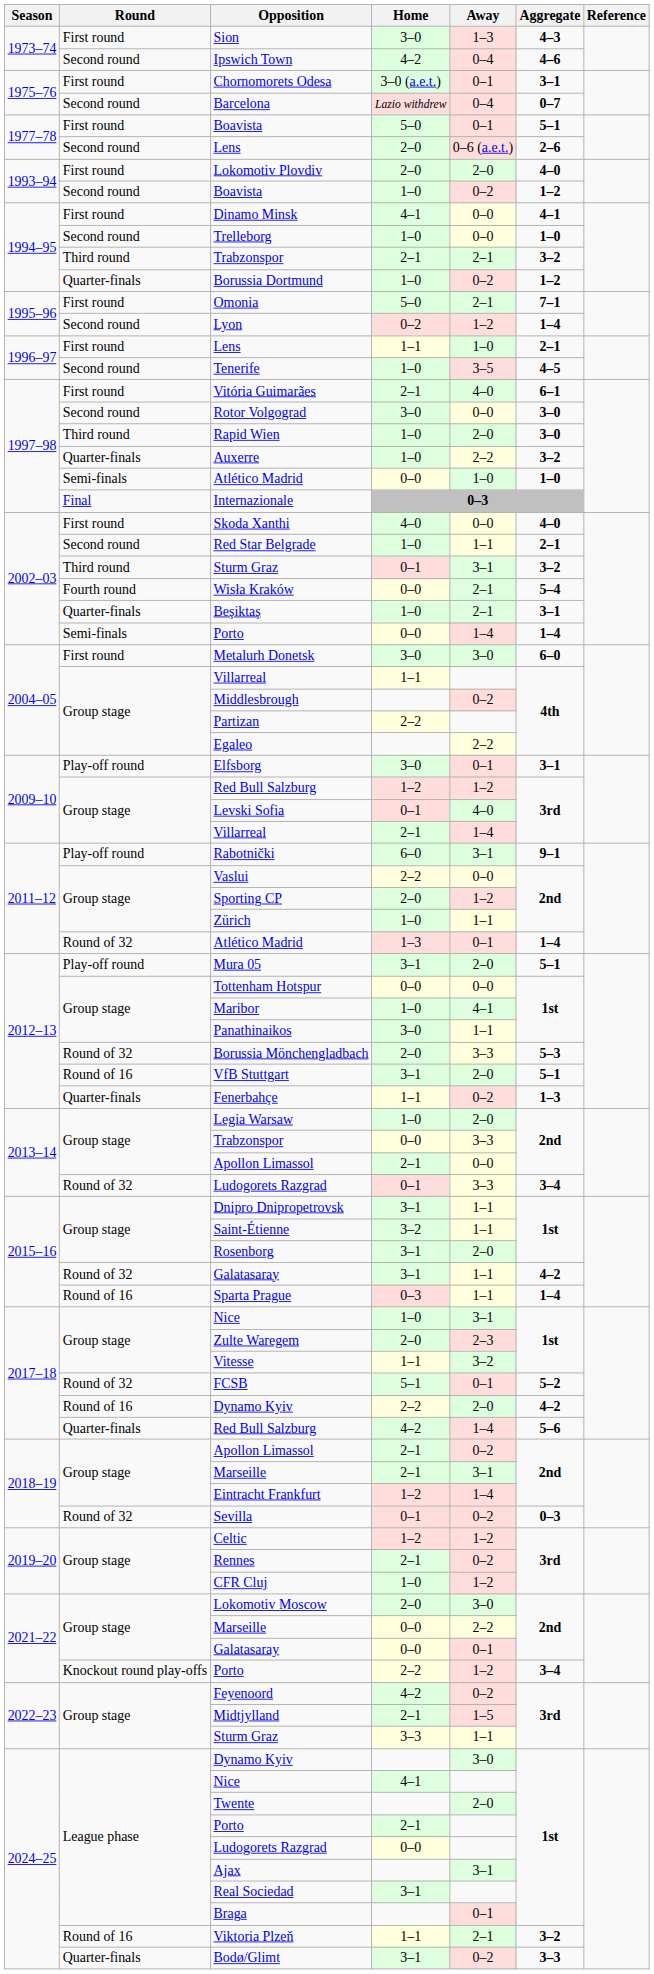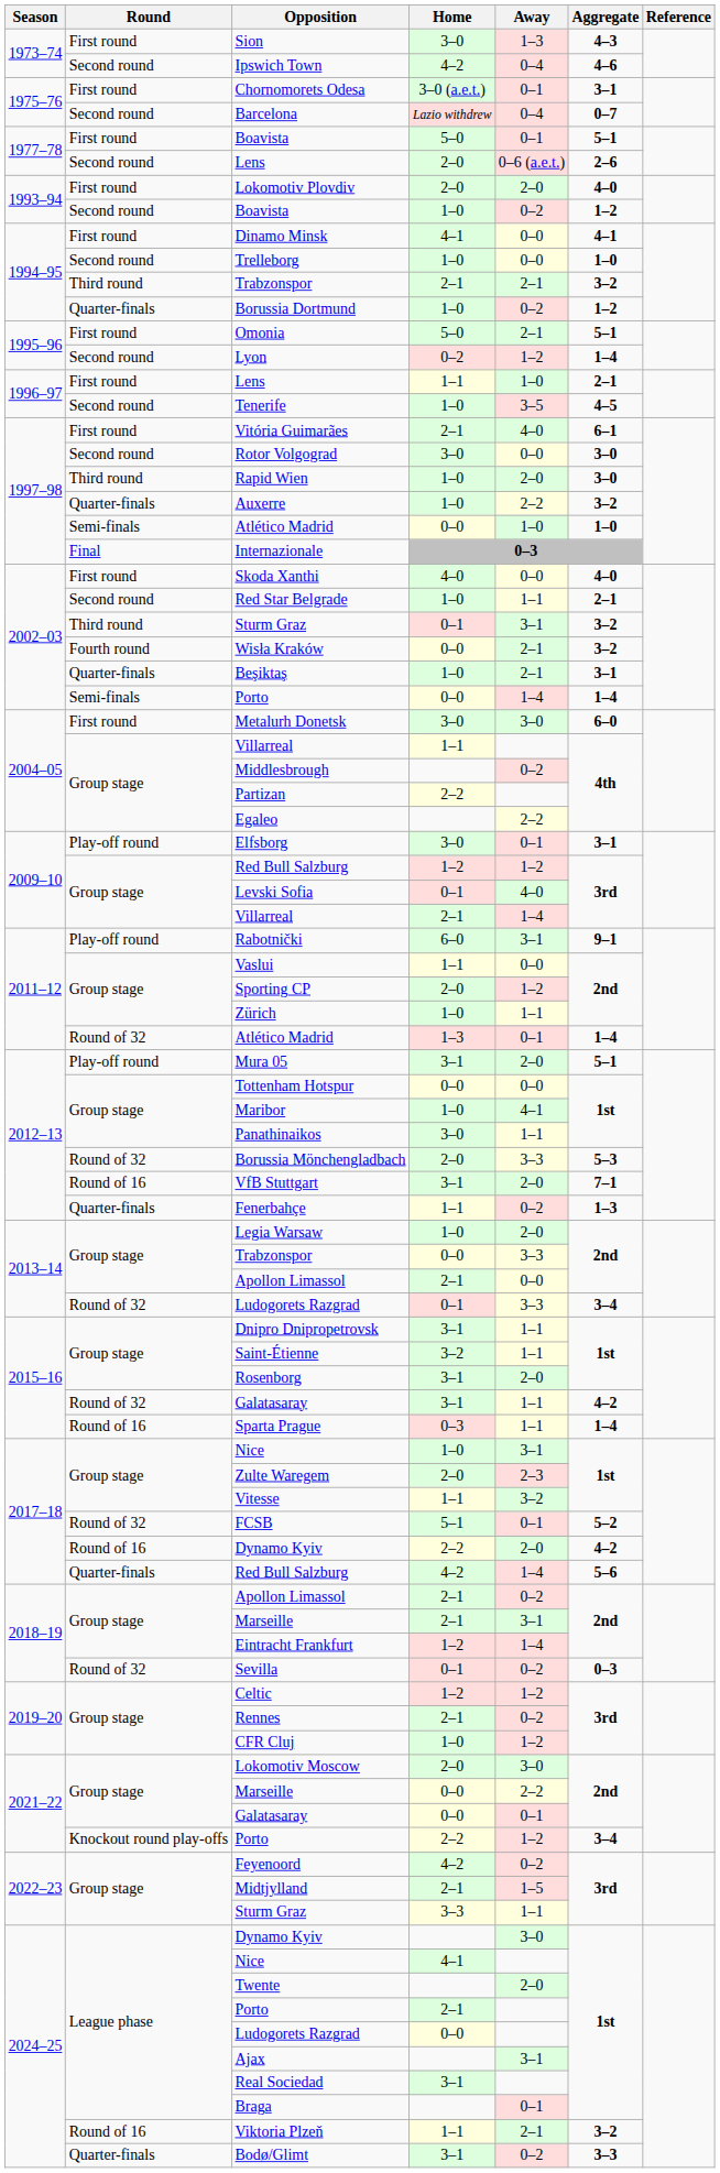 <table class="wikitable">
 <tr>
 <th>Season</th>
 <th>Round</th>
 <th>Opposition</th>
 <th>Home</th>
 <th>Away</th>
 <th>Aggregate</th>
 <th>Reference</th>
 </tr>
 <tr>
 <td rowspan=2><a href='#'>1973–74</a></td>
 <td>First round</td>
 <td> <a href='#'>Sion</a></td>
 <td style="text-align:center; background:#dfd;">3–0</td>
 <td style="text-align:center; background:#fdd;">1–3</td>
 <td style="text-align:center;"><strong>4–3</strong></td>
 <td rowspan=2 style="text-align:center;"></td>
 </tr>
 <tr>
 <td>Second round</td>
 <td> <a href='#'>Ipswich Town</a></td>
 <td style="text-align:center; background:#dfd;">4–2</td>
 <td style="text-align:center; background:#fdd;">0–4</td>
 <td style="text-align:center;"><strong>4–6</strong></td>
 </tr>
 <tr>
 <td rowspan=2><a href='#'>1975–76</a></td>
 <td>First round</td>
 <td> <a href='#'>Chornomorets Odesa</a></td>
 <td style="text-align:center; background:#dfd;">3–0 (<a href='#'>a.e.t.</a>)</td>
 <td style="text-align:center; background:#fdd;">0–1</td>
 <td style="text-align:center;"><strong>3–1</strong></td>
 <td rowspan=2 style="text-align:center;"></td>
 </tr>
 <tr>
 <td>Second round</td>
 <td> <a href='#'>Barcelona</a></td>
 <td style="text-align:center; background:#fdd;"><small><em>Lazio withdrew</em> </small></td>
 <td style="text-align:center; background:#fdd;">0–4</td>
 <td style="text-align:center;"><strong>0–7</strong></td>
 </tr>
 <tr>
 <td rowspan=2><a href='#'>1977–78</a></td>
 <td>First round</td>
 <td> <a href='#'>Boavista</a></td>
 <td style="text-align:center; background:#dfd;">5–0</td>
 <td style="text-align:center; background:#fdd;">0–1</td>
 <td style="text-align:center;"><strong>5–1</strong></td>
 <td rowspan=2 style="text-align:center;"></td>
 </tr>
 <tr>
 <td>Second round</td>
 <td> <a href='#'>Lens</a></td>
 <td style="text-align:center; background:#dfd;">2–0</td>
 <td style="text-align:center; background:#fdd;">0–6 (<a href='#'>a.e.t.</a>)</td>
 <td style="text-align:center;"><strong>2–6</strong></td>
 </tr>
 <tr>
 <td rowspan=2><a href='#'>1993–94</a></td>
 <td>First round</td>
 <td> <a href='#'>Lokomotiv Plovdiv</a></td>
 <td style="text-align:center; background:#dfd;">2–0</td>
 <td style="text-align:center; background:#dfd;">2–0</td>
 <td style="text-align:center;"><strong>4–0</strong></td>
 <td rowspan=2 style="text-align:center;"></td>
 </tr>
 <tr>
 <td>Second round</td>
 <td> <a href='#'>Boavista</a></td>
 <td style="text-align:center; background:#dfd;">1–0</td>
 <td style="text-align:center; background:#fdd;">0–2</td>
 <td style="text-align:center;"><strong>1–2</strong></td>
 </tr>
 <tr>
 <td rowspan=4><a href='#'>1994–95</a></td>
 <td>First round</td>
 <td> <a href='#'>Dinamo Minsk</a></td>
 <td style="text-align:center; background:#dfd;">4–1</td>
 <td style="text-align:center; background:#ffd;">0–0</td>
 <td style="text-align:center;"><strong>4–1</strong></td>
 <td rowspan=4 style="text-align:center;"></td>
 </tr>
 <tr>
 <td>Second round</td>
 <td> <a href='#'>Trelleborg</a></td>
 <td style="text-align:center; background:#dfd;">1–0</td>
 <td style="text-align:center; background:#ffd;">0–0</td>
 <td style="text-align:center;"><strong>1–0</strong></td>
 </tr>
 <tr>
 <td>Third round</td>
 <td> <a href='#'>Trabzonspor</a></td>
 <td style="text-align:center; background:#dfd;">2–1</td>
 <td style="text-align:center; background:#dfd;">2–1</td>
 <td style="text-align:center;"><strong>3–2</strong></td>
 </tr>
 <tr>
 <td>Quarter-finals</td>
 <td> <a href='#'>Borussia Dortmund</a></td>
 <td style="text-align:center; background:#dfd;">1–0</td>
 <td style="text-align:center; background:#fdd;">0–2</td>
 <td style="text-align:center;"><strong>1–2</strong></td>
 </tr>
 <tr>
 <td rowspan=2><a href='#'>1995–96</a></td>
 <td>First round</td>
 <td> <a href='#'>Omonia</a></td>
 <td style="text-align:center; background:#dfd;">5–0</td>
 <td style="text-align:center; background:#dfd;">2–1</td>
-<td style="text-align:center;"><strong>7–1</strong></td>
+<td style="text-align:center;"><strong>5–1</strong></td>
 <td rowspan=2 style="text-align:center;"></td>
 </tr>
 <tr>
 <td>Second round</td>
 <td> <a href='#'>Lyon</a></td>
 <td style="text-align:center; background:#fdd;">0–2</td>
 <td style="text-align:center; background:#fdd;">1–2</td>
 <td style="text-align:center;"><strong>1–4</strong></td>
 </tr>
 <tr>
 <td rowspan=2><a href='#'>1996–97</a></td>
 <td>First round</td>
 <td> <a href='#'>Lens</a></td>
 <td style="text-align:center; background:#ffd;">1–1</td>
 <td style="text-align:center; background:#dfd;">1–0</td>
 <td style="text-align:center;"><strong>2–1</strong></td>
 <td rowspan=2 style="text-align:center;"></td>
 </tr>
 <tr>
 <td>Second round</td>
 <td> <a href='#'>Tenerife</a></td>
 <td style="text-align:center; background:#dfd;">1–0</td>
 <td style="text-align:center; background:#fdd;">3–5</td>
 <td style="text-align:center;"><strong>4–5</strong></td>
 </tr>
 <tr>
 <td rowspan=6><a href='#'>1997–98</a></td>
 <td>First round</td>
 <td> <a href='#'>Vitória Guimarães</a></td>
 <td style="text-align:center; background:#dfd;">2–1</td>
 <td style="text-align:center; background:#dfd;">4–0</td>
 <td style="text-align:center;"><strong>6–1</strong></td>
 <td rowspan=6 style="text-align:center;"></td>
 </tr>
 <tr>
 <td>Second round</td>
 <td> <a href='#'>Rotor Volgograd</a></td>
 <td style="text-align:center; background:#dfd;">3–0</td>
 <td style="text-align:center; background:#ffd;">0–0</td>
 <td style="text-align:center;"><strong>3–0</strong></td>
 </tr>
 <tr>
 <td>Third round</td>
 <td> <a href='#'>Rapid Wien</a></td>
 <td style="text-align:center; background:#dfd;">1–0</td>
 <td style="text-align:center; background:#dfd;">2–0</td>
 <td style="text-align:center;"><strong>3–0</strong></td>
 </tr>
 <tr>
 <td>Quarter-finals</td>
 <td> <a href='#'>Auxerre</a></td>
 <td style="text-align:center; background:#dfd;">1–0</td>
 <td style="text-align:center; background:#ffd;">2–2</td>
 <td style="text-align:center;"><strong>3–2</strong></td>
 </tr>
 <tr>
 <td>Semi-finals</td>
 <td> <a href='#'>Atlético Madrid</a></td>
 <td style="text-align:center; background:#ffd;">0–0</td>
 <td style="text-align:center; background:#dfd;">1–0</td>
 <td style="text-align:center;"><strong>1–0</strong></td>
 </tr>
 <tr>
 <td><a href='#'>Final</a></td>
 <td> <a href='#'>Internazionale</a></td>
 <td bgcolor="silver" colspan="3" style="text-align:center;"><strong>0–3</strong></td>
 </tr>
 <tr>
 <td rowspan=6><a href='#'>2002–03</a></td>
 <td>First round</td>
 <td> <a href='#'>Skoda Xanthi</a></td>
 <td style="text-align:center; background:#dfd;">4–0</td>
 <td style="text-align:center; background:#ffd;">0–0</td>
 <td style="text-align:center;"><strong>4–0</strong></td>
 <td rowspan=6 style="text-align:center;"></td>
 </tr>
 <tr>
 <td>Second round</td>
 <td> <a href='#'>Red Star Belgrade</a></td>
 <td style="text-align:center; background:#dfd;">1–0</td>
 <td style="text-align:center; background:#ffd;">1–1</td>
 <td style="text-align:center;"><strong>2–1</strong></td>
 </tr>
 <tr>
 <td>Third round</td>
 <td> <a href='#'>Sturm Graz</a></td>
 <td style="text-align:center; background:#fdd;">0–1</td>
 <td style="text-align:center; background:#dfd;">3–1</td>
 <td style="text-align:center;"><strong>3–2</strong></td>
 </tr>
 <tr>
 <td>Fourth round</td>
 <td> <a href='#'>Wisła Kraków</a></td>
 <td style="text-align:center; background:#ffd;">0–0</td>
 <td style="text-align:center; background:#dfd;">2–1</td>
-<td style="text-align:center;"><strong>5–4</strong></td>
+<td style="text-align:center;"><strong>3–2</strong></td>
 </tr>
 <tr>
 <td>Quarter-finals</td>
 <td> <a href='#'>Beşiktaş</a></td>
 <td style="text-align:center; background:#dfd;">1–0</td>
 <td style="text-align:center; background:#dfd;">2–1</td>
 <td style="text-align:center;"><strong>3–1</strong></td>
 </tr>
 <tr>
 <td>Semi-finals</td>
 <td> <a href='#'>Porto</a></td>
 <td style="text-align:center; background:#ffd;">0–0</td>
 <td style="text-align:center; background:#fdd;">1–4</td>
 <td style="text-align:center;"><strong>1–4</strong></td>
 </tr>
 <tr>
 <td rowspan=5><a href='#'>2004–05</a></td>
 <td>First round</td>
 <td> <a href='#'>Metalurh Donetsk</a></td>
 <td style="text-align:center; background:#dfd;">3–0</td>
 <td style="text-align:center; background:#dfd;">3–0</td>
 <td style="text-align:center;"><strong>6–0</strong></td>
 <td rowspan=5 style="text-align:center;"></td>
 </tr>
 <tr>
 <td rowspan=4>Group stage</td>
 <td> <a href='#'>Villarreal</a></td>
 <td style="text-align:center; background:#ffd;">1–1</td>
 <td></td>
 <td style="text-align:center;" rowspan=4><strong>4th</strong></td>
 </tr>
 <tr>
 <td> <a href='#'>Middlesbrough</a></td>
 <td></td>
 <td style="text-align:center; background:#fdd;">0–2</td>
 </tr>
 <tr>
 <td> <a href='#'>Partizan</a></td>
 <td style="text-align:center; background:#ffd;">2–2</td>
 <td></td>
 </tr>
 <tr>
 <td> <a href='#'>Egaleo</a></td>
 <td></td>
 <td style="text-align:center; background:#ffd;">2–2</td>
 </tr>
 <tr>
 <td rowspan=4><a href='#'>2009–10</a></td>
 <td>Play-off round</td>
 <td> <a href='#'>Elfsborg</a></td>
 <td style="text-align:center; background:#dfd;">3–0</td>
 <td style="text-align:center; background:#fdd;">0–1</td>
 <td style="text-align:center;"><strong>3–1</strong></td>
 <td rowspan=4 style="text-align:center;"></td>
 </tr>
 <tr>
 <td rowspan=3>Group stage</td>
 <td> <a href='#'>Red Bull Salzburg</a></td>
 <td style="text-align:center; background:#fdd;">1–2</td>
 <td style="text-align:center; background:#fdd;">1–2</td>
 <td style="text-align:center;" rowspan=3><strong>3rd</strong></td>
 </tr>
 <tr>
 <td> <a href='#'>Levski Sofia</a></td>
 <td style="text-align:center; background:#fdd;">0–1</td>
 <td style="text-align:center; background:#dfd;">4–0</td>
 </tr>
 <tr>
 <td> <a href='#'>Villarreal</a></td>
 <td style="text-align:center; background:#dfd;">2–1</td>
 <td style="text-align:center; background:#fdd;">1–4</td>
 </tr>
 <tr>
 <td rowspan=5><a href='#'>2011–12</a></td>
 <td>Play-off round</td>
 <td> <a href='#'>Rabotnički</a></td>
 <td style="text-align:center; background:#dfd;">6–0</td>
 <td style="text-align:center; background:#dfd;">3–1</td>
 <td style="text-align:center;"><strong>9–1</strong></td>
 <td rowspan=5 style="text-align:center;"></td>
 </tr>
 <tr>
 <td rowspan=3>Group stage</td>
 <td> <a href='#'>Vaslui</a></td>
-<td style="text-align:center; background:#ffd;">2–2</td>
+<td style="text-align:center; background:#ffd;">1–1</td>
 <td style="text-align:center; background:#ffd;">0–0</td>
 <td style="text-align:center;" rowspan=3><strong>2nd</strong></td>
 </tr>
 <tr>
 <td> <a href='#'>Sporting CP</a></td>
 <td style="text-align:center; background:#dfd;">2–0</td>
 <td style="text-align:center; background:#fdd;">1–2</td>
 </tr>
 <tr>
 <td> <a href='#'>Zürich</a></td>
 <td style="text-align:center; background:#dfd;">1–0</td>
 <td style="text-align:center; background:#ffd;">1–1</td>
 </tr>
 <tr>
 <td>Round of 32</td>
 <td> <a href='#'>Atlético Madrid</a></td>
 <td style="text-align:center; background:#fdd;">1–3</td>
 <td style="text-align:center; background:#fdd;">0–1</td>
 <td style="text-align:center;"><strong>1–4</strong></td>
 </tr>
 <tr>
 <td rowspan=7><a href='#'>2012–13</a></td>
 <td>Play-off round</td>
 <td> <a href='#'>Mura 05</a></td>
 <td style="text-align:center; background:#dfd;">3–1</td>
 <td style="text-align:center; background:#dfd;">2–0</td>
 <td style="text-align:center;"><strong>5–1</strong></td>
 <td rowspan=7 style="text-align:center;"></td>
 </tr>
 <tr>
 <td rowspan=3>Group stage</td>
 <td> <a href='#'>Tottenham Hotspur</a></td>
 <td style="text-align:center; background:#ffd;">0–0</td>
 <td style="text-align:center; background:#ffd;">0–0</td>
 <td style="text-align:center;" rowspan=3><strong>1st</strong></td>
 </tr>
 <tr>
 <td> <a href='#'>Maribor</a></td>
 <td style="text-align:center; background:#dfd;">1–0</td>
 <td style="text-align:center; background:#dfd;">4–1</td>
 </tr>
 <tr>
 <td> <a href='#'>Panathinaikos</a></td>
 <td style="text-align:center; background:#dfd;">3–0</td>
 <td style="text-align:center; background:#ffd;">1–1</td>
 </tr>
 <tr>
 <td>Round of 32</td>
 <td> <a href='#'>Borussia Mönchengladbach</a></td>
 <td style="text-align:center; background:#dfd;">2–0</td>
 <td style="text-align:center; background:#ffd;">3–3</td>
 <td style="text-align:center;"><strong>5–3</strong></td>
 </tr>
 <tr>
 <td>Round of 16</td>
 <td> <a href='#'>VfB Stuttgart</a></td>
 <td style="text-align:center; background:#dfd;">3–1</td>
 <td style="text-align:center; background:#dfd;">2–0</td>
-<td style="text-align:center;"><strong>5–1</strong></td>
+<td style="text-align:center;"><strong>7–1</strong></td>
 </tr>
 <tr>
 <td>Quarter-finals</td>
 <td> <a href='#'>Fenerbahçe</a></td>
 <td style="text-align:center; background:#ffd;">1–1</td>
 <td style="text-align:center; background:#fdd;">0–2</td>
 <td style="text-align:center;"><strong>1–3</strong></td>
 </tr>
 <tr>
 <td rowspan=4><a href='#'>2013–14</a></td>
 <td rowspan=3>Group stage</td>
 <td> <a href='#'>Legia Warsaw</a></td>
 <td style="text-align:center; background:#dfd;">1–0</td>
 <td style="text-align:center; background:#dfd;">2–0</td>
 <td style="text-align:center;" rowspan=3><strong>2nd</strong></td>
 <td rowspan=4 style="text-align:center;"></td>
 </tr>
 <tr>
 <td> <a href='#'>Trabzonspor</a></td>
 <td style="text-align:center; background:#ffd;">0–0</td>
 <td style="text-align:center; background:#ffd;">3–3</td>
 </tr>
 <tr>
 <td> <a href='#'>Apollon Limassol</a></td>
 <td style="text-align:center; background:#dfd;">2–1</td>
 <td style="text-align:center; background:#ffd;">0–0</td>
 </tr>
 <tr>
 <td>Round of 32</td>
 <td> <a href='#'>Ludogorets Razgrad</a></td>
 <td style="text-align:center; background:#fdd;">0–1</td>
 <td style="text-align:center; background:#ffd;">3–3</td>
 <td style="text-align:center;"><strong>3–4</strong></td>
 </tr>
 <tr>
 <td rowspan=5><a href='#'>2015–16</a></td>
 <td rowspan=3>Group stage</td>
 <td> <a href='#'>Dnipro Dnipropetrovsk</a></td>
 <td style="text-align:center; background:#dfd;">3–1</td>
 <td style="text-align:center; background:#ffd;">1–1</td>
 <td style="text-align:center;" rowspan=3><strong>1st</strong></td>
 <td rowspan=5 style="text-align:center;"></td>
 </tr>
 <tr>
 <td> <a href='#'>Saint-Étienne</a></td>
 <td style="text-align:center; background:#dfd;">3–2</td>
 <td style="text-align:center; background:#ffd;">1–1</td>
 </tr>
 <tr>
 <td> <a href='#'>Rosenborg</a></td>
 <td style="text-align:center; background:#dfd;">3–1</td>
 <td style="text-align:center; background:#dfd;">2–0</td>
 </tr>
 <tr>
 <td>Round of 32</td>
 <td> <a href='#'>Galatasaray</a></td>
 <td style="text-align:center; background:#dfd;">3–1</td>
 <td style="text-align:center; background:#ffd;">1–1</td>
 <td style="text-align:center;"><strong>4–2</strong></td>
 </tr>
 <tr>
 <td>Round of 16</td>
 <td> <a href='#'>Sparta Prague</a></td>
 <td style="text-align:center; background:#fdd;">0–3</td>
 <td style="text-align:center; background:#ffd;">1–1</td>
 <td style="text-align:center;"><strong>1–4</strong></td>
 </tr>
 <tr>
 <td rowspan=6><a href='#'>2017–18</a></td>
 <td rowspan=3>Group stage</td>
 <td> <a href='#'>Nice</a></td>
 <td style="text-align:center; background:#dfd;">1–0</td>
 <td style="text-align:center; background:#dfd;">3–1</td>
 <td style="text-align:center;" rowspan=3><strong>1st</strong></td>
 <td style="text-align:center;" rowspan=6></td>
 </tr>
 <tr>
 <td> <a href='#'>Zulte Waregem</a></td>
 <td style="text-align:center; background:#dfd;">2–0</td>
 <td style="text-align:center; background:#fdd;">2–3</td>
 </tr>
 <tr>
 <td> <a href='#'>Vitesse</a></td>
 <td style="text-align:center; background:#ffd;">1–1</td>
 <td style="text-align:center; background:#dfd;">3–2</td>
 </tr>
 <tr>
 <td>Round of 32</td>
 <td> <a href='#'>FCSB</a></td>
 <td style="text-align:center; background:#dfd;">5–1</td>
 <td style="text-align:center; background:#fdd;">0–1</td>
 <td style="text-align:center;"><strong>5–2</strong></td>
 </tr>
 <tr>
 <td>Round of 16</td>
 <td> <a href='#'>Dynamo Kyiv</a></td>
 <td style="text-align:center; background:#ffd;">2–2</td>
 <td style="text-align:center; background:#dfd;">2–0</td>
 <td style="text-align:center;"><strong>4–2</strong></td>
 </tr>
 <tr>
 <td>Quarter-finals</td>
 <td> <a href='#'>Red Bull Salzburg</a></td>
 <td style="text-align:center; background:#dfd;">4–2</td>
 <td style="text-align:center; background:#fdd;">1–4</td>
 <td style="text-align:center;"><strong>5–6</strong></td>
 </tr>
 <tr>
 <td rowspan=4><a href='#'>2018–19</a></td>
 <td rowspan=3>Group stage</td>
 <td> <a href='#'>Apollon Limassol</a></td>
 <td style="text-align:center; background:#dfd;">2–1</td>
 <td style="text-align:center; background:#fdd;">0–2</td>
 <td style="text-align:center;" rowspan=3><strong>2nd</strong></td>
 <td style="text-align:center;" rowspan=4></td>
 </tr>
 <tr>
 <td> <a href='#'>Marseille</a></td>
 <td style="text-align:center; background:#dfd;">2–1</td>
 <td style="text-align:center; background:#dfd;">3–1</td>
 </tr>
 <tr>
 <td> <a href='#'>Eintracht Frankfurt</a></td>
 <td style="text-align:center; background:#fdd;">1–2</td>
 <td style="text-align:center; background:#fdd;">1–4</td>
 </tr>
 <tr>
 <td>Round of 32</td>
 <td> <a href='#'>Sevilla</a></td>
 <td style="text-align:center; background:#fdd;">0–1</td>
 <td style="text-align:center; background:#fdd;">0–2</td>
 <td style="text-align:center;"><strong>0–3</strong></td>
 </tr>
 <tr>
 <td rowspan=3><a href='#'>2019–20</a></td>
 <td rowspan=3>Group stage</td>
 <td> <a href='#'>Celtic</a></td>
 <td style="text-align:center; background:#fdd;">1–2</td>
 <td style="text-align:center; background:#fdd;">1–2</td>
 <td style="text-align:center;" rowspan=3><strong>3rd</strong></td>
 <td style="text-align:center;" rowspan=3></td>
 </tr>
 <tr>
 <td> <a href='#'>Rennes</a></td>
 <td style="text-align:center; background:#dfd;">2–1</td>
 <td style="text-align:center; background:#fdd;">0–2</td>
 </tr>
 <tr>
 <td> <a href='#'>CFR Cluj</a></td>
 <td style="text-align:center; background:#dfd;">1–0</td>
 <td style="text-align:center; background:#fdd;">1–2</td>
 </tr>
 <tr>
 <td rowspan=4><a href='#'>2021–22</a></td>
 <td rowspan=3>Group stage</td>
 <td> <a href='#'>Lokomotiv Moscow</a></td>
 <td style="text-align:center; background:#dfd;">2–0</td>
 <td style="text-align:center; background:#dfd;">3–0</td>
 <td style="text-align:center;" rowspan=3><strong>2nd</strong></td>
 <td style="text-align:center;" rowspan=4></td>
 </tr>
 <tr>
 <td> <a href='#'>Marseille</a></td>
 <td style="text-align:center; background:#ffd;">0–0</td>
 <td style="text-align:center; background:#ffd;">2–2</td>
 </tr>
 <tr>
 <td> <a href='#'>Galatasaray</a></td>
 <td style="text-align:center; background:#ffd;">0–0</td>
 <td style="text-align:center; background:#fdd;">0–1</td>
 </tr>
 <tr>
 <td>Knockout round play-offs</td>
 <td> <a href='#'>Porto</a></td>
 <td style="text-align:center; background:#ffd;">2–2</td>
 <td style="text-align:center; background:#fdd;">1–2</td>
 <td style="text-align:center;"><strong>3–4</strong></td>
 </tr>
 <tr>
 <td rowspan=3><a href='#'>2022–23</a></td>
 <td rowspan=3>Group stage</td>
 <td> <a href='#'>Feyenoord</a></td>
 <td style="text-align:center; background:#dfd;">4–2</td>
 <td style="text-align:center; background:#fdd;">0–2</td>
 <td style="text-align:center;" rowspan=3><strong>3rd</strong></td>
 <td style="text-align:center;" rowspan=3></td>
 </tr>
 <tr>
 <td> <a href='#'>Midtjylland</a></td>
 <td style="text-align:center; background:#dfd;">2–1</td>
 <td style="text-align:center; background:#fdd;">1–5</td>
 </tr>
 <tr>
 <td> <a href='#'>Sturm Graz</a></td>
 <td style="text-align:center; background:#ffd;">3–3</td>
 <td style="text-align:center; background:#ffd;">1–1</td>
 </tr>
 <tr>
 <td rowspan=10><a href='#'>2024–25</a></td>
 <td rowspan=8>League phase</td>
 <td> <a href='#'>Dynamo Kyiv</a></td>
 <td></td>
 <td style="text-align:center; background:#dfd;">3–0</td>
 <td style="text-align:center;" rowspan=8><strong>1st</strong></td>
 <td style="text-align:center;" rowspan=10></td>
 </tr>
 <tr>
 <td> <a href='#'>Nice</a></td>
 <td style="text-align:center; background:#dfd;">4–1</td>
 <td></td>
 </tr>
 <tr>
 <td> <a href='#'>Twente</a></td>
 <td></td>
 <td style="text-align:center; background:#dfd;">2–0</td>
 </tr>
 <tr>
 <td> <a href='#'>Porto</a></td>
 <td style="text-align:center; background:#dfd;">2–1</td>
 <td></td>
 </tr>
 <tr>
 <td> <a href='#'>Ludogorets Razgrad</a></td>
 <td style="text-align:center; background:#ffd;">0–0</td>
 <td></td>
 </tr>
 <tr>
 <td> <a href='#'>Ajax</a></td>
 <td></td>
 <td style="text-align:center; background:#dfd;">3–1</td>
 </tr>
 <tr>
 <td> <a href='#'>Real Sociedad</a></td>
 <td style="text-align:center; background:#dfd;">3–1</td>
 <td></td>
 </tr>
 <tr>
 <td> <a href='#'>Braga</a></td>
 <td></td>
 <td style="text-align:center; background:#fdd;">0–1</td>
 </tr>
 <tr>
 <td>Round of 16</td>
 <td> <a href='#'>Viktoria Plzeň</a></td>
 <td style="text-align:center; background:#ffd;">1–1</td>
 <td style="text-align:center; background:#dfd;">2–1</td>
 <td style="text-align:center;"><strong>3–2</strong></td>
 </tr>
 <tr>
 <td>Quarter-finals</td>
 <td> <a href='#'>Bodø/Glimt</a></td>
 <td style="text-align:center; background:#dfd;">3–1 </td>
 <td style="text-align:center; background:#fdd;">0–2</td>
 <td style="text-align:center;"><strong>3–3 </strong></td>
 </tr>
 </table>
